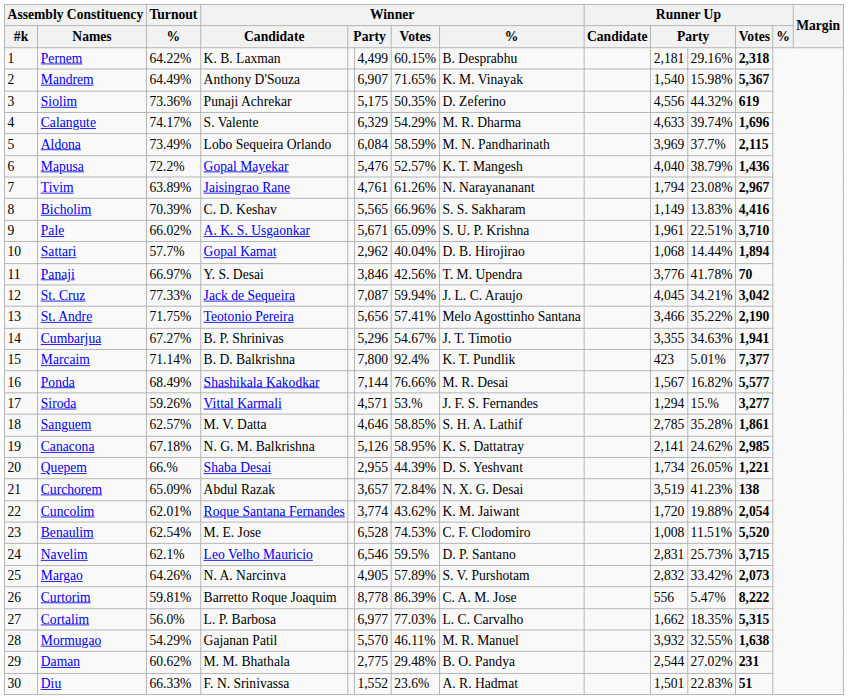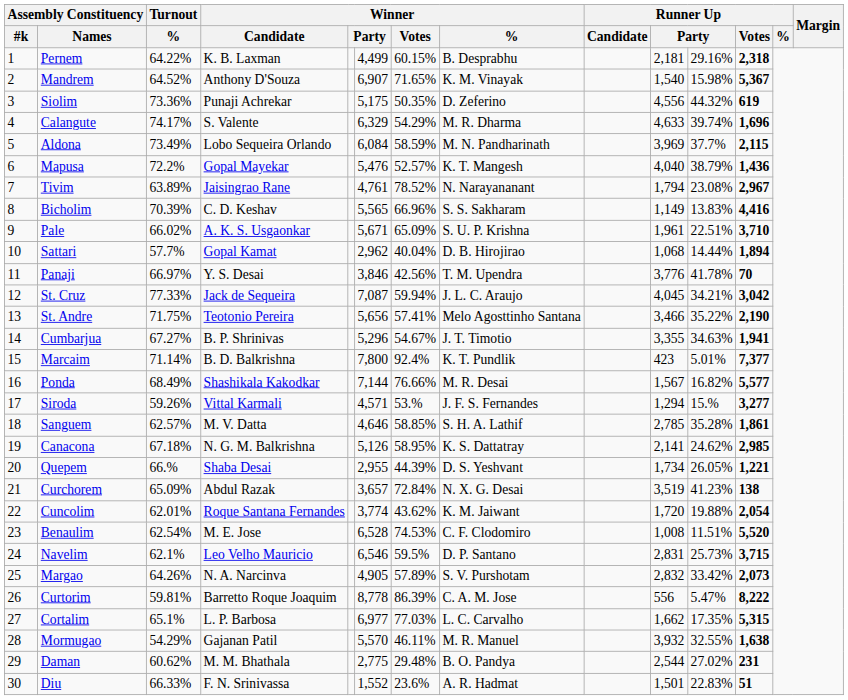 <table class="wikitable sortable">
 <tr>
 <th colspan="2">Assembly Constituency</th>
 <th>Turnout</th>
 <th colspan="5">Winner</th>
 <th colspan="5">Runner Up</th>
 <th rowspan="2" data-sort-type=number>Margin</th>
 </tr>
 <tr>
 <th>#k</th>
 <th>Names</th>
 <th>%</th>
 <th>Candidate</th>
 <th colspan="2">Party</th>
 <th data-sort-type=number>Votes</th>
 <th>%</th>
 <th>Candidate</th>
 <th colspan="2">Party</th>
 <th data-sort-type=number>Votes</th>
 <th>%</th>
 </tr>
 <tr>
 <td>1</td>
 <td><a href='#'>Pernem</a></td>
 <td>64.22%</td>
 <td>K. B. Laxman</td>
 <td></td>
 <td>4,499</td>
 <td>60.15%</td>
 <td>B. Desprabhu</td>
 <td></td>
 <td>2,181</td>
 <td>29.16%</td>
 <td style="background:"><span><strong>2,318</strong></span></td>
 </tr>
 <tr>
 <td>2</td>
 <td><a href='#'>Mandrem</a></td>
-<td>64.49%</td>
+<td>64.52%</td>
 <td>Anthony D'Souza</td>
 <td></td>
 <td>6,907</td>
 <td>71.65%</td>
 <td>K. M. Vinayak</td>
 <td></td>
 <td>1,540</td>
 <td>15.98%</td>
 <td style="background:"><span><strong>5,367</strong></span></td>
 </tr>
 <tr>
 <td>3</td>
 <td><a href='#'>Siolim</a></td>
 <td>73.36%</td>
 <td>Punaji Achrekar</td>
 <td></td>
 <td>5,175</td>
 <td>50.35%</td>
 <td>D. Zeferino</td>
 <td></td>
 <td>4,556</td>
 <td>44.32%</td>
 <td style="background:"><span><strong>619</strong></span></td>
 </tr>
 <tr>
 <td>4</td>
 <td><a href='#'>Calangute</a></td>
 <td>74.17%</td>
 <td>S. Valente</td>
 <td></td>
 <td>6,329</td>
 <td>54.29%</td>
 <td>M. R. Dharma</td>
 <td></td>
 <td>4,633</td>
 <td>39.74%</td>
 <td style="background:"><span><strong>1,696</strong></span></td>
 </tr>
 <tr>
 <td>5</td>
 <td><a href='#'>Aldona</a></td>
 <td>73.49%</td>
 <td>Lobo Sequeira Orlando</td>
 <td></td>
 <td>6,084</td>
 <td>58.59%</td>
 <td>M. N. Pandharinath</td>
 <td></td>
 <td>3,969</td>
 <td>37.7%</td>
 <td style="background:"><span><strong>2,115</strong></span></td>
 </tr>
 <tr>
 <td>6</td>
 <td><a href='#'>Mapusa</a></td>
 <td>72.2%</td>
 <td><a href='#'>Gopal Mayekar</a></td>
 <td></td>
 <td>5,476</td>
 <td>52.57%</td>
 <td>K. T. Mangesh</td>
 <td></td>
 <td>4,040</td>
 <td>38.79%</td>
 <td style="background:"><span><strong>1,436</strong></span></td>
 </tr>
 <tr>
 <td>7</td>
 <td><a href='#'>Tivim</a></td>
 <td>63.89%</td>
 <td><a href='#'>Jaisingrao Rane</a></td>
 <td></td>
 <td>4,761</td>
-<td>61.26%</td>
+<td>78.52%</td>
 <td>N. Narayananant</td>
 <td></td>
 <td>1,794</td>
 <td>23.08%</td>
 <td style="background:"><span><strong>2,967</strong></span></td>
 </tr>
 <tr>
 <td>8</td>
 <td><a href='#'>Bicholim</a></td>
 <td>70.39%</td>
 <td>C. D. Keshav</td>
 <td></td>
 <td>5,565</td>
 <td>66.96%</td>
 <td>S. S. Sakharam</td>
 <td></td>
 <td>1,149</td>
 <td>13.83%</td>
 <td style="background:"><span><strong>4,416</strong></span></td>
 </tr>
 <tr>
 <td>9</td>
 <td><a href='#'>Pale</a></td>
 <td>66.02%</td>
 <td><a href='#'>A. K. S. Usgaonkar</a></td>
 <td></td>
 <td>5,671</td>
 <td>65.09%</td>
 <td>S. U. P. Krishna</td>
 <td></td>
 <td>1,961</td>
 <td>22.51%</td>
 <td style="background:"><span><strong>3,710</strong></span></td>
 </tr>
 <tr>
 <td>10</td>
 <td><a href='#'>Sattari</a></td>
 <td>57.7%</td>
 <td><a href='#'>Gopal Kamat</a></td>
 <td></td>
 <td>2,962</td>
 <td>40.04%</td>
 <td>D. B. Hirojirao</td>
 <td></td>
 <td>1,068</td>
 <td>14.44%</td>
 <td style="background:"><span><strong>1,894</strong></span></td>
 </tr>
 <tr>
 <td>11</td>
 <td><a href='#'>Panaji</a></td>
 <td>66.97%</td>
 <td>Y. S. Desai</td>
 <td></td>
 <td>3,846</td>
 <td>42.56%</td>
 <td>T. M. Upendra</td>
 <td></td>
 <td>3,776</td>
 <td>41.78%</td>
 <td style="background:"><span><strong>70</strong></span></td>
 </tr>
 <tr>
 <td>12</td>
 <td><a href='#'>St. Cruz</a></td>
 <td>77.33%</td>
 <td><a href='#'>Jack de Sequeira</a></td>
 <td></td>
 <td>7,087</td>
 <td>59.94%</td>
 <td>J. L. C. Araujo</td>
 <td></td>
 <td>4,045</td>
 <td>34.21%</td>
 <td style="background:"><span><strong>3,042</strong></span></td>
 </tr>
 <tr>
 <td>13</td>
 <td><a href='#'>St. Andre</a></td>
 <td>71.75%</td>
 <td><a href='#'>Teotonio Pereira</a></td>
 <td></td>
 <td>5,656</td>
 <td>57.41%</td>
 <td>Melo Agosttinho Santana</td>
 <td></td>
 <td>3,466</td>
 <td>35.22%</td>
 <td style="background:"><span><strong>2,190</strong></span></td>
 </tr>
 <tr>
 <td>14</td>
 <td><a href='#'>Cumbarjua</a></td>
 <td>67.27%</td>
 <td>B. P. Shrinivas</td>
 <td></td>
 <td>5,296</td>
 <td>54.67%</td>
 <td>J. T. Timotio</td>
 <td></td>
 <td>3,355</td>
 <td>34.63%</td>
 <td style="background:"><span><strong>1,941</strong></span></td>
 </tr>
 <tr>
 <td>15</td>
 <td><a href='#'>Marcaim</a></td>
 <td>71.14%</td>
 <td>B. D. Balkrishna</td>
 <td></td>
 <td>7,800</td>
 <td>92.4%</td>
 <td>K. T. Pundlik</td>
 <td></td>
 <td>423</td>
 <td>5.01%</td>
 <td style="background:"><span><strong>7,377</strong></span></td>
 </tr>
 <tr>
 <td>16</td>
 <td><a href='#'>Ponda</a></td>
 <td>68.49%</td>
 <td><a href='#'>Shashikala Kakodkar</a></td>
 <td></td>
 <td>7,144</td>
 <td>76.66%</td>
 <td>M. R. Desai</td>
 <td></td>
 <td>1,567</td>
 <td>16.82%</td>
 <td style="background:"><span><strong>5,577</strong></span></td>
 </tr>
 <tr>
 <td>17</td>
 <td><a href='#'>Siroda</a></td>
 <td>59.26%</td>
 <td><a href='#'>Vittal Karmali</a></td>
 <td></td>
 <td>4,571</td>
 <td>53.%</td>
 <td>J. F. S. Fernandes</td>
 <td></td>
 <td>1,294</td>
 <td>15.%</td>
 <td style="background:"><span><strong>3,277</strong></span></td>
 </tr>
 <tr>
 <td>18</td>
 <td><a href='#'>Sanguem</a></td>
 <td>62.57%</td>
 <td>M. V. Datta</td>
 <td></td>
 <td>4,646</td>
 <td>58.85%</td>
 <td>S. H. A. Lathif</td>
 <td></td>
 <td>2,785</td>
 <td>35.28%</td>
 <td style="background:"><span><strong>1,861</strong></span></td>
 </tr>
 <tr>
 <td>19</td>
 <td><a href='#'>Canacona</a></td>
 <td>67.18%</td>
 <td>N. G. M. Balkrishna</td>
 <td></td>
 <td>5,126</td>
 <td>58.95%</td>
 <td>K. S. Dattatray</td>
 <td></td>
 <td>2,141</td>
 <td>24.62%</td>
 <td style="background:"><span><strong>2,985</strong></span></td>
 </tr>
 <tr>
 <td>20</td>
 <td><a href='#'>Quepem</a></td>
 <td>66.%</td>
 <td><a href='#'>Shaba Desai</a></td>
 <td></td>
 <td>2,955</td>
 <td>44.39%</td>
 <td>D. S. Yeshvant</td>
 <td></td>
 <td>1,734</td>
 <td>26.05%</td>
 <td style="background:"><span><strong>1,221</strong></span></td>
 </tr>
 <tr>
 <td>21</td>
 <td><a href='#'>Curchorem</a></td>
 <td>65.09%</td>
 <td>Abdul Razak</td>
 <td></td>
 <td>3,657</td>
 <td>72.84%</td>
 <td>N. X. G. Desai</td>
 <td></td>
 <td>3,519</td>
 <td>41.23%</td>
 <td style="background:"><span><strong>138</strong></span></td>
 </tr>
 <tr>
 <td>22</td>
 <td><a href='#'>Cuncolim</a></td>
 <td>62.01%</td>
 <td><a href='#'>Roque Santana Fernandes</a></td>
 <td></td>
 <td>3,774</td>
 <td>43.62%</td>
 <td>K. M. Jaiwant</td>
 <td></td>
 <td>1,720</td>
 <td>19.88%</td>
 <td style="background:"><span><strong>2,054</strong></span></td>
 </tr>
 <tr>
 <td>23</td>
 <td><a href='#'>Benaulim</a></td>
 <td>62.54%</td>
 <td>M. E. Jose</td>
 <td></td>
 <td>6,528</td>
 <td>74.53%</td>
 <td>C. F. Clodomiro</td>
 <td></td>
 <td>1,008</td>
 <td>11.51%</td>
 <td style="background:"><span><strong>5,520</strong></span></td>
 </tr>
 <tr>
 <td>24</td>
 <td><a href='#'>Navelim</a></td>
 <td>62.1%</td>
 <td><a href='#'>Leo Velho Mauricio</a></td>
 <td></td>
 <td>6,546</td>
 <td>59.5%</td>
 <td>D. P. Santano</td>
 <td></td>
 <td>2,831</td>
 <td>25.73%</td>
 <td style="background:"><span><strong>3,715</strong></span></td>
 </tr>
 <tr>
 <td>25</td>
 <td><a href='#'>Margao</a></td>
 <td>64.26%</td>
 <td>N. A. Narcinva</td>
 <td></td>
 <td>4,905</td>
 <td>57.89%</td>
 <td>S. V. Purshotam</td>
 <td></td>
 <td>2,832</td>
 <td>33.42%</td>
 <td style="background:"><span><strong>2,073</strong></span></td>
 </tr>
 <tr>
 <td>26</td>
 <td><a href='#'>Curtorim</a></td>
 <td>59.81%</td>
 <td>Barretto Roque Joaquim</td>
 <td></td>
 <td>8,778</td>
 <td>86.39%</td>
 <td>C. A. M. Jose</td>
 <td></td>
 <td>556</td>
 <td>5.47%</td>
 <td style="background:"><span><strong>8,222</strong></span></td>
 </tr>
 <tr>
 <td>27</td>
 <td><a href='#'>Cortalim</a></td>
-<td>56.0%</td>
+<td>65.1%</td>
 <td>L. P. Barbosa</td>
 <td></td>
 <td>6,977</td>
 <td>77.03%</td>
 <td>L. C. Carvalho</td>
 <td></td>
 <td>1,662</td>
-<td>18.35%</td>
+<td>17.35%</td>
 <td style="background:"><span><strong>5,315</strong></span></td>
 </tr>
 <tr>
 <td>28</td>
 <td><a href='#'>Mormugao</a></td>
 <td>54.29%</td>
 <td>Gajanan Patil</td>
 <td></td>
 <td>5,570</td>
 <td>46.11%</td>
 <td>M. R. Manuel</td>
 <td></td>
 <td>3,932</td>
 <td>32.55%</td>
 <td style="background:"><span><strong>1,638</strong></span></td>
 </tr>
 <tr>
 <td>29</td>
 <td><a href='#'>Daman</a></td>
 <td>60.62%</td>
 <td>M. M. Bhathala</td>
 <td></td>
 <td>2,775</td>
 <td>29.48%</td>
 <td>B. O. Pandya</td>
 <td></td>
 <td>2,544</td>
 <td>27.02%</td>
 <td style="background:"><span><strong>231</strong></span></td>
 </tr>
 <tr>
 <td>30</td>
 <td><a href='#'>Diu</a></td>
 <td>66.33%</td>
 <td>F. N. Srinivassa</td>
 <td></td>
 <td>1,552</td>
 <td>23.6%</td>
 <td>A. R. Hadmat</td>
 <td></td>
 <td>1,501</td>
 <td>22.83%</td>
 <td style="background:"><span><strong>51</strong></span></td>
 </tr>
 </table>
